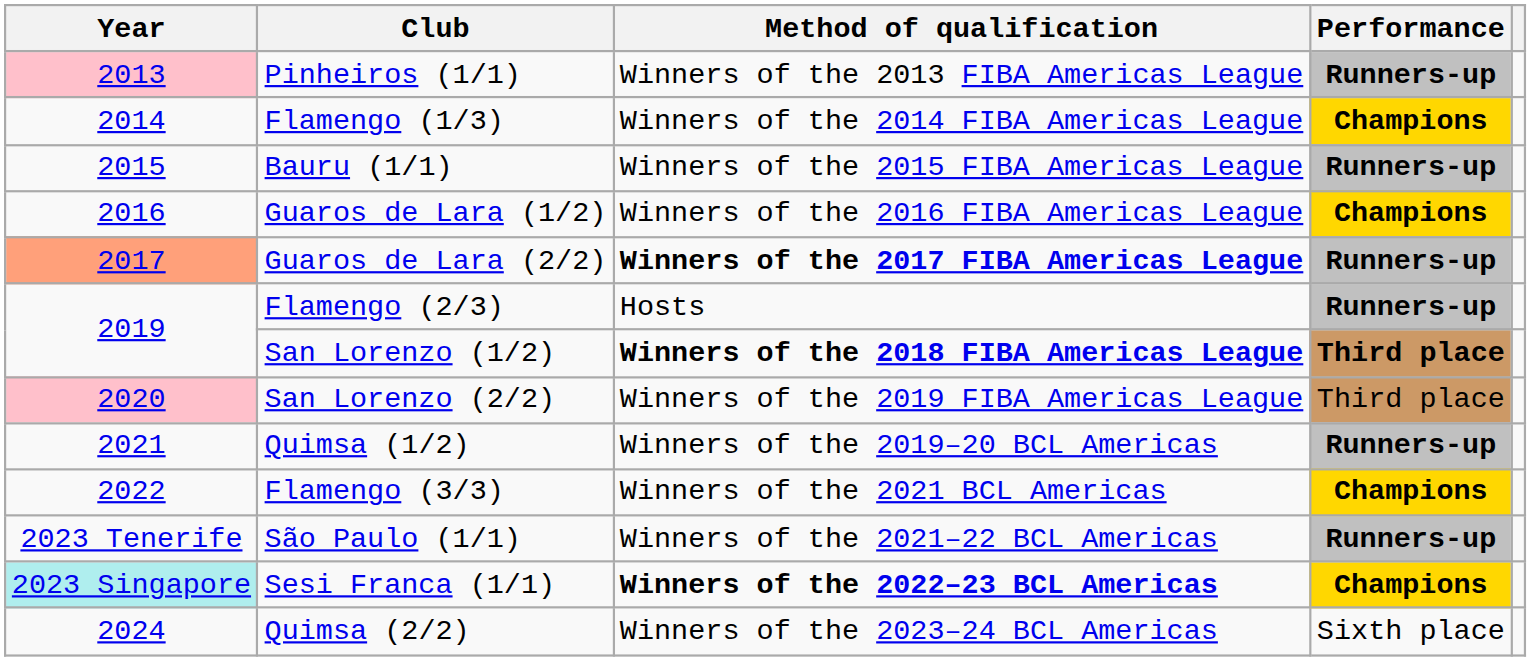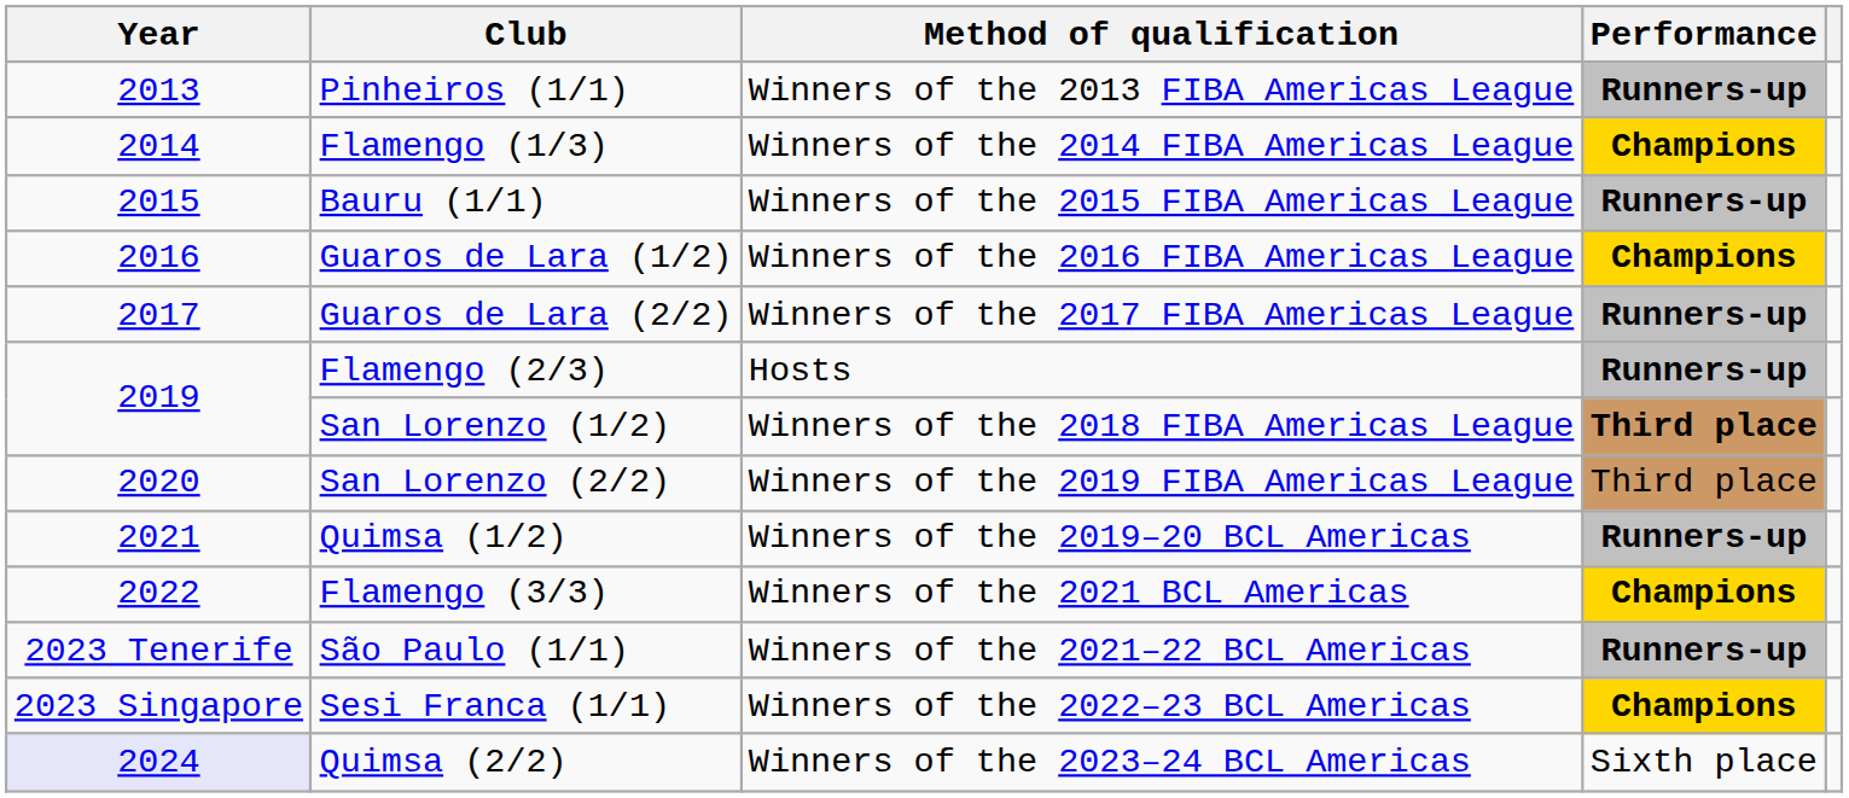 <table class="wikitable plainrowheaders sortable" style="text-align:center;">
 <tr>
 <th scope="col">Year</th>
 <th scope="col">Club</th>
 <th scope="col">Method of qualification</th>
 <th scope="col">Performance</th>
 <th class="unsortable"></th>
 </tr>
 <tr align="center">
-<td scope="row" style="background: pink;"><a href='#'>2013</a></td>
+<td scope="row"><a href='#'>2013</a></td>
 <td align="left"> <a href='#'>Pinheiros</a> (1/1)</td>
 <td align="left">Winners of the 2013 <a href='#'>FIBA Americas League</a></td>
 <td bgcolor=silver><strong>Runners-up</strong></td>
 <td></td>
 </tr>
 <tr align="center">
 <td scope="row"><a href='#'>2014</a></td>
 <td align="left"> <a href='#'>Flamengo</a> (1/3)</td>
 <td align="left">Winners of the <a href='#'>2014 FIBA Americas League</a></td>
 <td bgcolor="gold"><strong>Champions</strong></td>
 <td></td>
 </tr>
 <tr align="center">
 <td scope="row"><a href='#'>2015</a></td>
 <td align="left"> <a href='#'>Bauru</a> (1/1)</td>
 <td align="left">Winners of the <a href='#'>2015 FIBA Americas League</a></td>
 <td bgcolor=silver><strong>Runners-up</strong></td>
 <td></td>
 </tr>
 <tr align="center">
 <td><a href='#'>2016</a></td>
 <td align="left"> <a href='#'>Guaros de Lara</a> (1/2)</td>
 <td align="left">Winners of the <a href='#'>2016 FIBA Americas League</a></td>
 <td bgcolor=gold><strong>Champions</strong></td>
 <td></td>
 </tr>
 <tr align="center">
-<td style="background: lightsalmon;"><a href='#'>2017</a></td>
+<td><a href='#'>2017</a></td>
 <td align="left"> <a href='#'>Guaros de Lara</a> (2/2)</td>
-<td align="left"><strong>Winners of the <a href='#'>2017 FIBA Americas League</a></strong></td>
+<td align="left">Winners of the <a href='#'>2017 FIBA Americas League</a></td>
 <td bgcolor="silver"><strong>Runners-up</strong></td>
 <td></td>
 </tr>
 <tr align="center">
 <td rowspan="2"><a href='#'>2019</a></td>
 <td align="left"> <a href='#'>Flamengo</a> (2/3)</td>
 <td align="left">Hosts</td>
 <td bgcolor=silver><strong>Runners-up</strong></td>
 <td></td>
 </tr>
 <tr>
 <td align=left> <a href='#'>San Lorenzo</a> (1/2)</td>
-<td align=left><strong>Winners of the <a href='#'>2018 FIBA Americas League</a></strong></td>
+<td align=left>Winners of the <a href='#'>2018 FIBA Americas League</a></td>
 <td bgcolor="cc9966"><strong>Third place</strong></td>
 <td></td>
 </tr>
 <tr align="center">
-<td style="background: pink;"><a href='#'>2020</a></td>
+<td><a href='#'>2020</a></td>
 <td align="left"> <a href='#'>San Lorenzo</a> (2/2)</td>
 <td align="left">Winners of the <a href='#'>2019 FIBA Americas League</a></td>
 <td bgcolor="cc9966" align="center">Third place</td>
 <td></td>
 </tr>
 <tr align="center">
 <td><a href='#'>2021</a></td>
 <td align="left"> <a href='#'>Quimsa</a> (1/2)</td>
 <td align="left">Winners of the <a href='#'>2019–20 BCL Americas</a></td>
 <td bgcolor="silver"><strong>Runners-up</strong></td>
 <td></td>
 </tr>
 <tr align="center">
 <td><a href='#'>2022</a></td>
 <td align="left"> <a href='#'>Flamengo</a> (3/3)</td>
 <td align="left">Winners of the <a href='#'>2021 BCL Americas</a></td>
 <td bgcolor="gold"><strong>Champions</strong></td>
 <td></td>
 </tr>
 <tr align="center">
 <td><a href='#'>2023 Tenerife</a></td>
 <td align="left"> <a href='#'>São Paulo</a> (1/1)</td>
 <td align="left">Winners of the <a href='#'>2021–22 BCL Americas</a></td>
 <td bgcolor="silver"><strong>Runners-up</strong></td>
 <td></td>
 </tr>
 <tr align="center">
-<td style="background: paleturquoise;"><a href='#'>2023 Singapore</a></td>
+<td><a href='#'>2023 Singapore</a></td>
 <td align="left"> <a href='#'>Sesi Franca</a> (1/1)</td>
-<td align="left"><strong>Winners of the <a href='#'>2022–23 BCL Americas</a></strong></td>
+<td align="left">Winners of the <a href='#'>2022–23 BCL Americas</a></td>
 <td bgcolor="gold"><strong>Champions</strong></td>
 <td></td>
 </tr>
 <tr>
-<td><a href='#'>2024</a></td>
+<td style="background: lavender;"><a href='#'>2024</a></td>
 <td align="left"> <a href='#'>Quimsa</a> (2/2)</td>
 <td align="left">Winners of the <a href='#'>2023–24 BCL Americas</a></td>
 <td>Sixth place</td>
 <td></td>
 </tr>
 </table>
